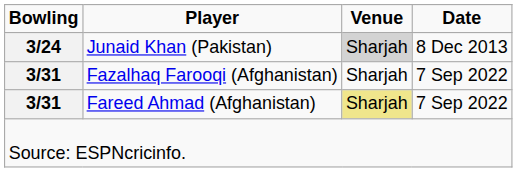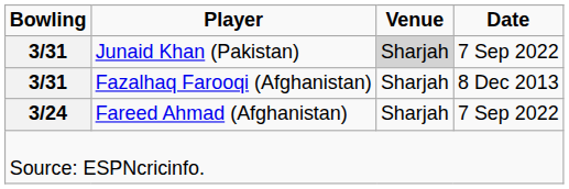 <table class="wikitable">
 <tr>
 <td align="center"><strong>Bowling</strong></td>
 <td align="center"><strong>Player</strong></td>
 <td align="center"><strong>Venue</strong></td>
 <td align="center"><strong>Date</strong></td>
 </tr>
 <tr>
-<th>3/24</th>
+<th>3/31</th>
 <td><a href='#'>Junaid Khan</a> (Pakistan)</td>
 <td style="background: lightgrey;">Sharjah</td>
-<td>8 Dec 2013</td>
+<td>7 Sep 2022</td>
 </tr>
 <tr>
 <th>3/31</th>
 <td><a href='#'>Fazalhaq Farooqi</a> (Afghanistan)</td>
 <td>Sharjah</td>
-<td>7 Sep 2022</td>
+<td>8 Dec 2013</td>
 </tr>
 <tr>
-<th>3/31</th>
+<th>3/24</th>
 <td><a href='#'>Fareed Ahmad</a> (Afghanistan)</td>
-<td style="background: khaki;">Sharjah</td>
+<td>Sharjah</td>
 <td>7 Sep 2022</td>
 </tr>
 <tr>
 <td colspan="5"><br>Source: ESPNcricinfo.</td>
 </tr>
 </table>
